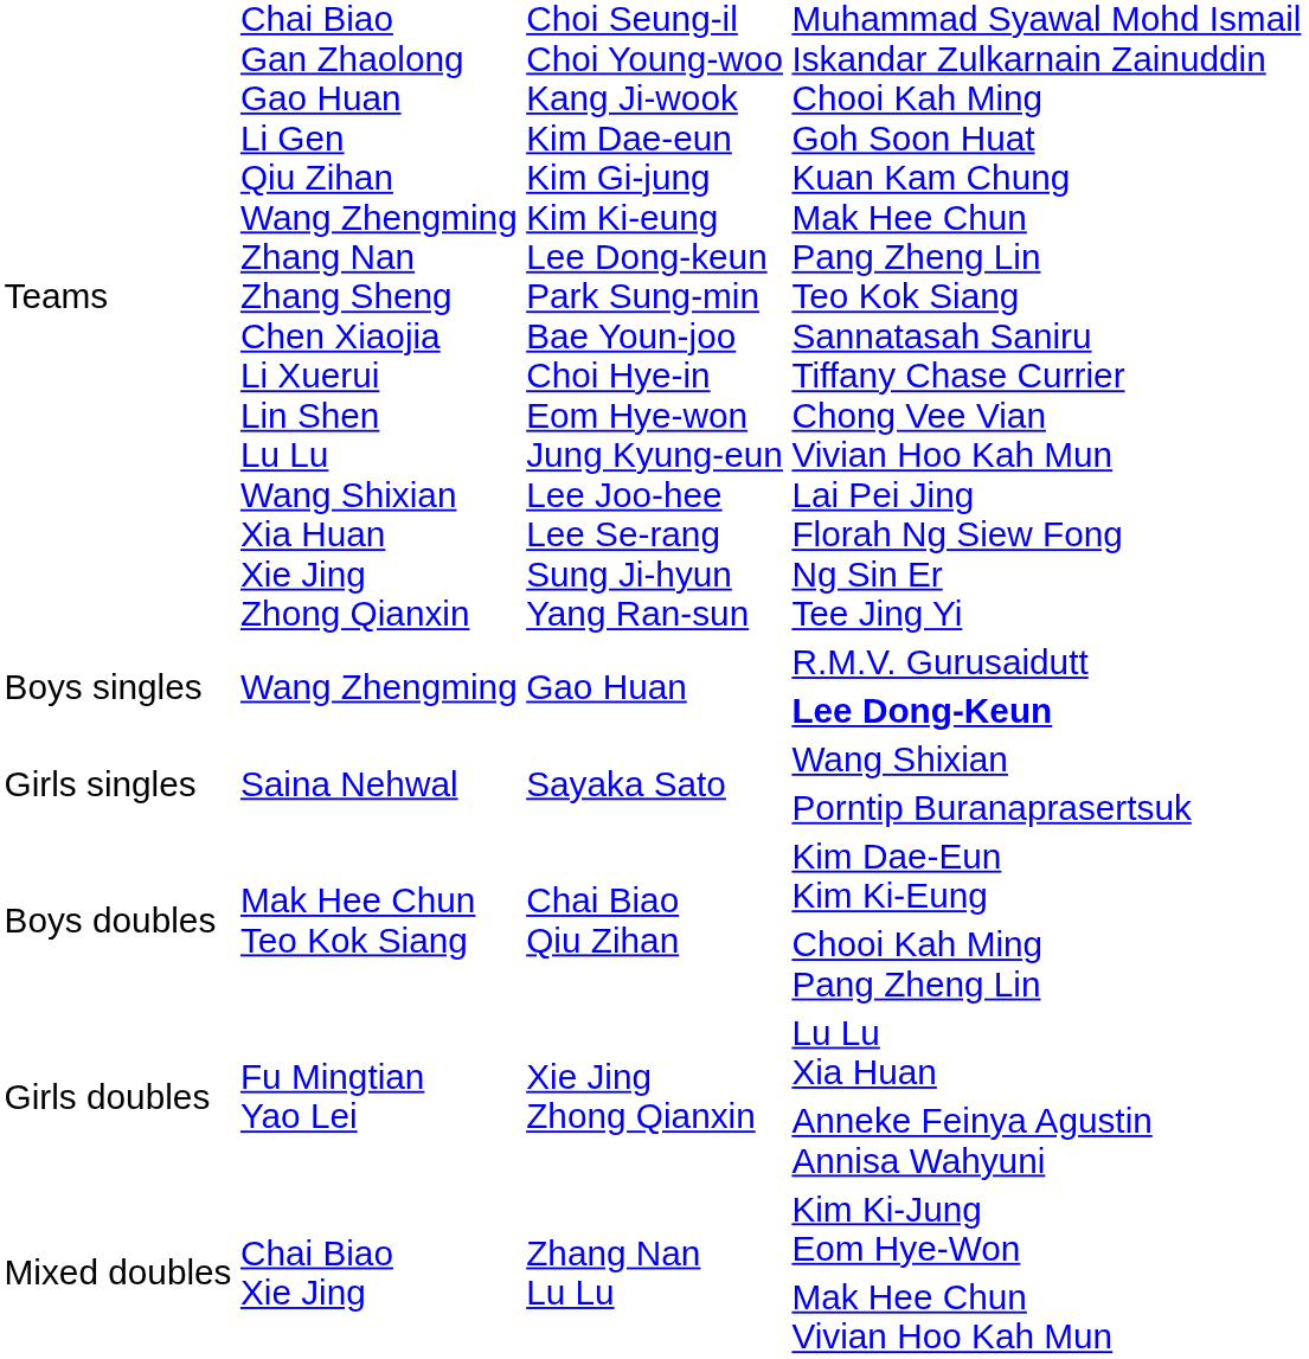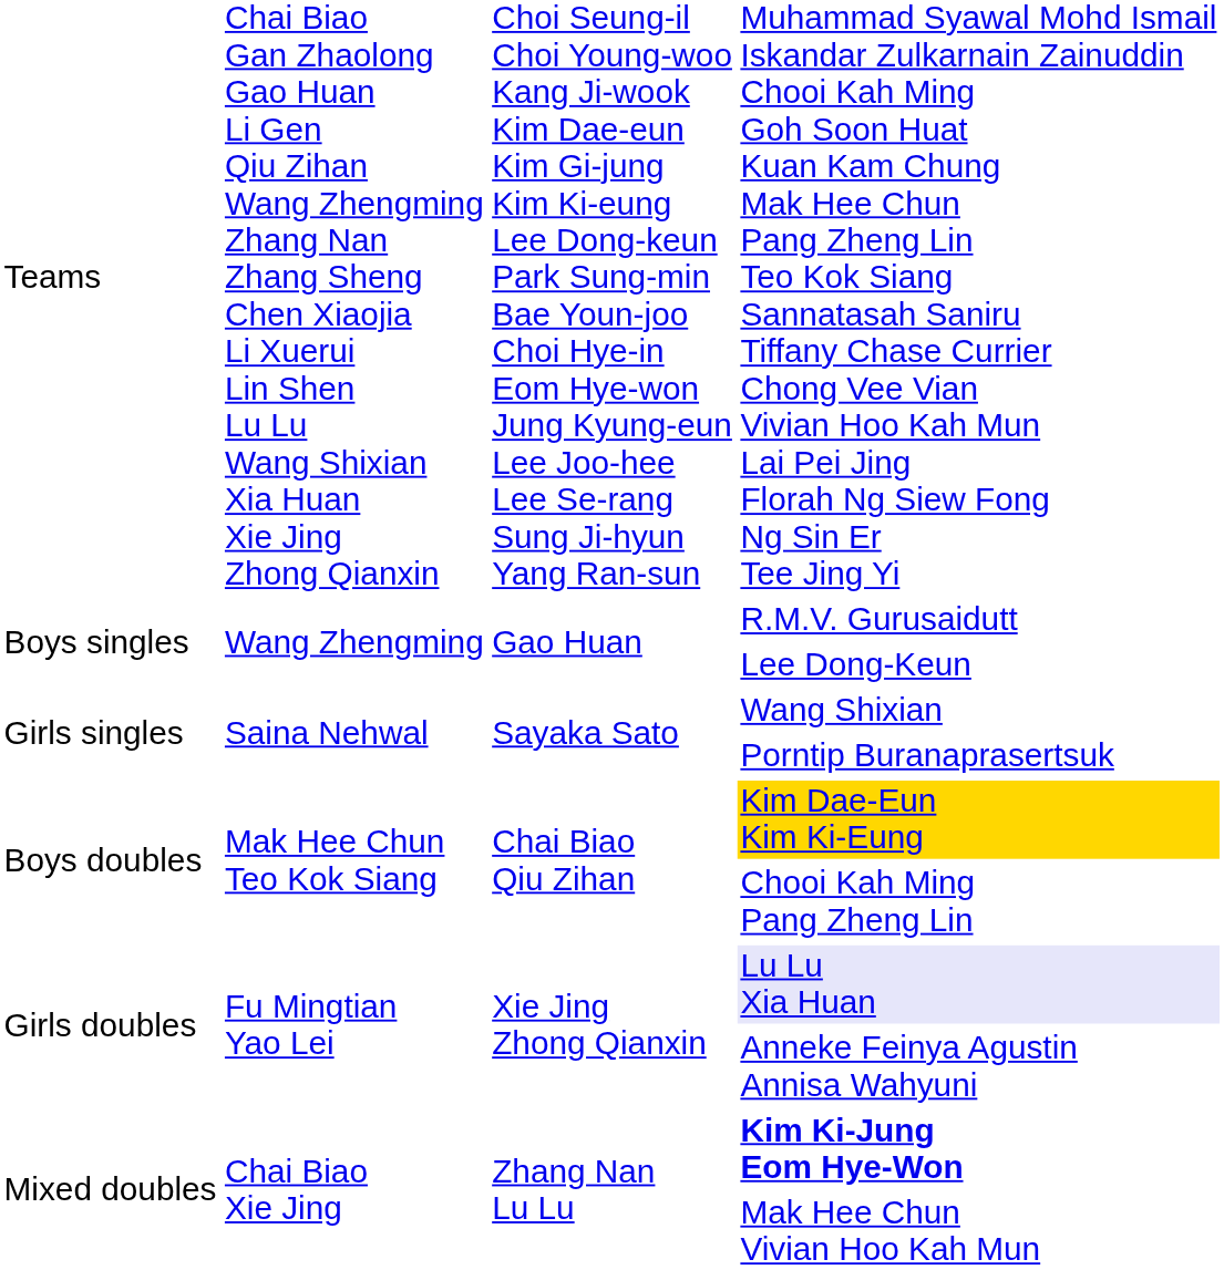 <table>
 <tr>
 <td>Teams</td>
 <td> <br><a href='#'>Chai Biao</a><br><a href='#'>Gan Zhaolong</a><br><a href='#'>Gao Huan</a><br><a href='#'>Li Gen</a><br><a href='#'>Qiu Zihan</a><br><a href='#'>Wang Zhengming</a><br><a href='#'>Zhang Nan</a><br><a href='#'>Zhang Sheng</a><br><a href='#'>Chen Xiaojia</a><br><a href='#'>Li Xuerui</a><br><a href='#'>Lin Shen</a><br><a href='#'>Lu Lu</a><br><a href='#'>Wang Shixian</a><br><a href='#'>Xia Huan</a><br><a href='#'>Xie Jing</a><br><a href='#'>Zhong Qianxin</a></td>
 <td> <br><a href='#'>Choi Seung-il</a><br><a href='#'>Choi Young-woo</a><br><a href='#'>Kang Ji-wook</a><br><a href='#'>Kim Dae-eun</a><br><a href='#'>Kim Gi-jung</a><br><a href='#'>Kim Ki-eung</a><br><a href='#'>Lee Dong-keun</a><br><a href='#'>Park Sung-min</a><br><a href='#'>Bae Youn-joo</a><br><a href='#'>Choi Hye-in</a><br><a href='#'>Eom Hye-won</a><br><a href='#'>Jung Kyung-eun</a><br><a href='#'>Lee Joo-hee</a><br><a href='#'>Lee Se-rang</a><br><a href='#'>Sung Ji-hyun</a><br><a href='#'>Yang Ran-sun</a></td>
 <td> <br><a href='#'>Muhammad Syawal Mohd Ismail</a><br><a href='#'>Iskandar Zulkarnain Zainuddin</a><br><a href='#'>Chooi Kah Ming</a><br><a href='#'>Goh Soon Huat</a><br><a href='#'>Kuan Kam Chung</a><br><a href='#'>Mak Hee Chun</a><br><a href='#'>Pang Zheng Lin</a><br><a href='#'>Teo Kok Siang</a><br><a href='#'>Sannatasah Saniru</a><br><a href='#'>Tiffany Chase Currier</a><br><a href='#'>Chong Vee Vian</a><br><a href='#'>Vivian Hoo Kah Mun</a><br><a href='#'>Lai Pei Jing</a><br><a href='#'>Florah Ng Siew Fong</a><br><a href='#'>Ng Sin Er</a><br><a href='#'>Tee Jing Yi</a></td>
 </tr>
 <tr>
 <td rowspan=2>Boys singles</td>
 <td rowspan=2> <a href='#'>Wang Zhengming</a></td>
 <td rowspan=2> <a href='#'>Gao Huan</a></td>
 <td> <a href='#'>R.M.V. Gurusaidutt</a></td>
 </tr>
 <tr>
-<td><strong> <a href='#'>Lee Dong-Keun</a></strong></td>
+<td> <a href='#'>Lee Dong-Keun</a></td>
 </tr>
 <tr>
 <td rowspan=2>Girls singles</td>
 <td rowspan=2> <a href='#'>Saina Nehwal</a></td>
 <td rowspan=2> <a href='#'>Sayaka Sato</a></td>
 <td> <a href='#'>Wang Shixian</a></td>
 </tr>
 <tr>
 <td> <a href='#'>Porntip Buranaprasertsuk</a></td>
 </tr>
 <tr>
 <td rowspan=2>Boys doubles</td>
 <td rowspan=2> <a href='#'>Mak Hee Chun</a><br>  <a href='#'>Teo Kok Siang</a></td>
 <td rowspan=2> <a href='#'>Chai Biao</a><br>  <a href='#'>Qiu Zihan</a></td>
-<td> <a href='#'>Kim Dae-Eun</a><br>  <a href='#'>Kim Ki-Eung</a></td>
+<td style="background: gold;"> <a href='#'>Kim Dae-Eun</a><br>  <a href='#'>Kim Ki-Eung</a></td>
 </tr>
 <tr>
 <td> <a href='#'>Chooi Kah Ming</a><br>  <a href='#'>Pang Zheng Lin</a></td>
 </tr>
 <tr>
 <td rowspan=2>Girls doubles</td>
 <td rowspan=2> <a href='#'>Fu Mingtian</a><br>  <a href='#'>Yao Lei</a></td>
 <td rowspan=2> <a href='#'>Xie Jing</a><br>  <a href='#'>Zhong Qianxin</a></td>
-<td> <a href='#'>Lu Lu</a><br>  <a href='#'>Xia Huan</a></td>
+<td style="background: lavender;"> <a href='#'>Lu Lu</a><br>  <a href='#'>Xia Huan</a></td>
 </tr>
 <tr>
 <td> <a href='#'>Anneke Feinya Agustin</a><br>  <a href='#'>Annisa Wahyuni</a></td>
 </tr>
 <tr>
 <td rowspan=2>Mixed doubles</td>
 <td rowspan=2> <a href='#'>Chai Biao</a><br>  <a href='#'>Xie Jing</a></td>
 <td rowspan=2> <a href='#'>Zhang Nan</a><br>  <a href='#'>Lu Lu</a></td>
-<td> <a href='#'>Kim Ki-Jung</a><br>  <a href='#'>Eom Hye-Won</a></td>
+<td><strong> <a href='#'>Kim Ki-Jung</a><br>  <a href='#'>Eom Hye-Won</a></strong></td>
 </tr>
 <tr>
 <td> <a href='#'>Mak Hee Chun</a><br>  <a href='#'>Vivian Hoo Kah Mun</a></td>
 </tr>
 </table>
